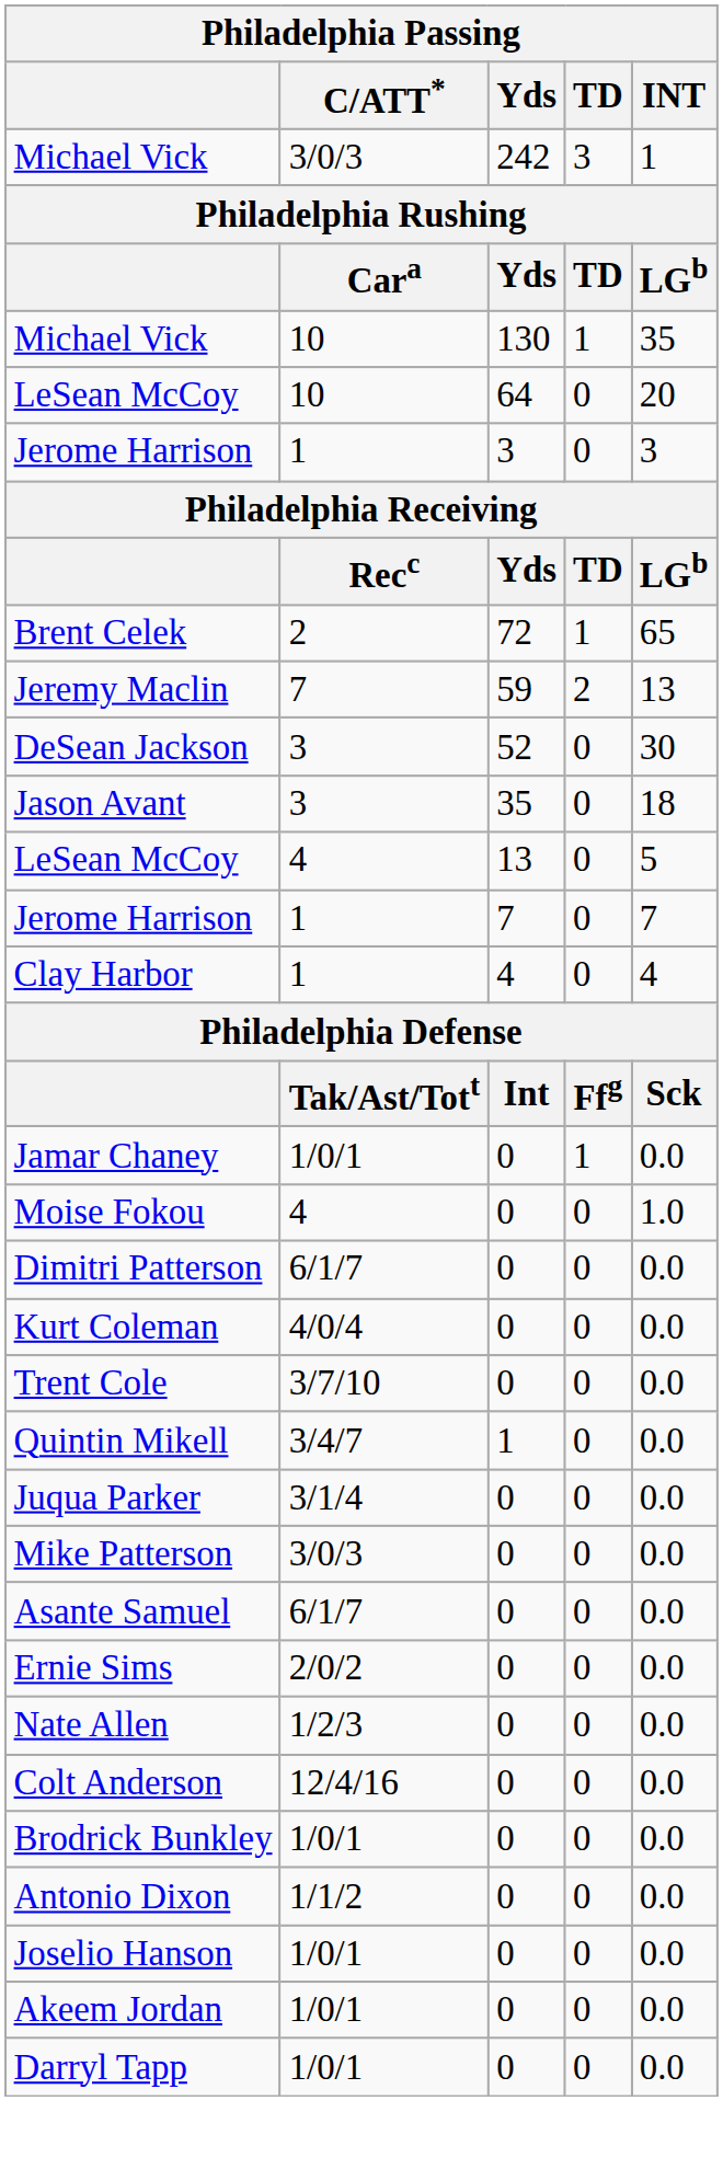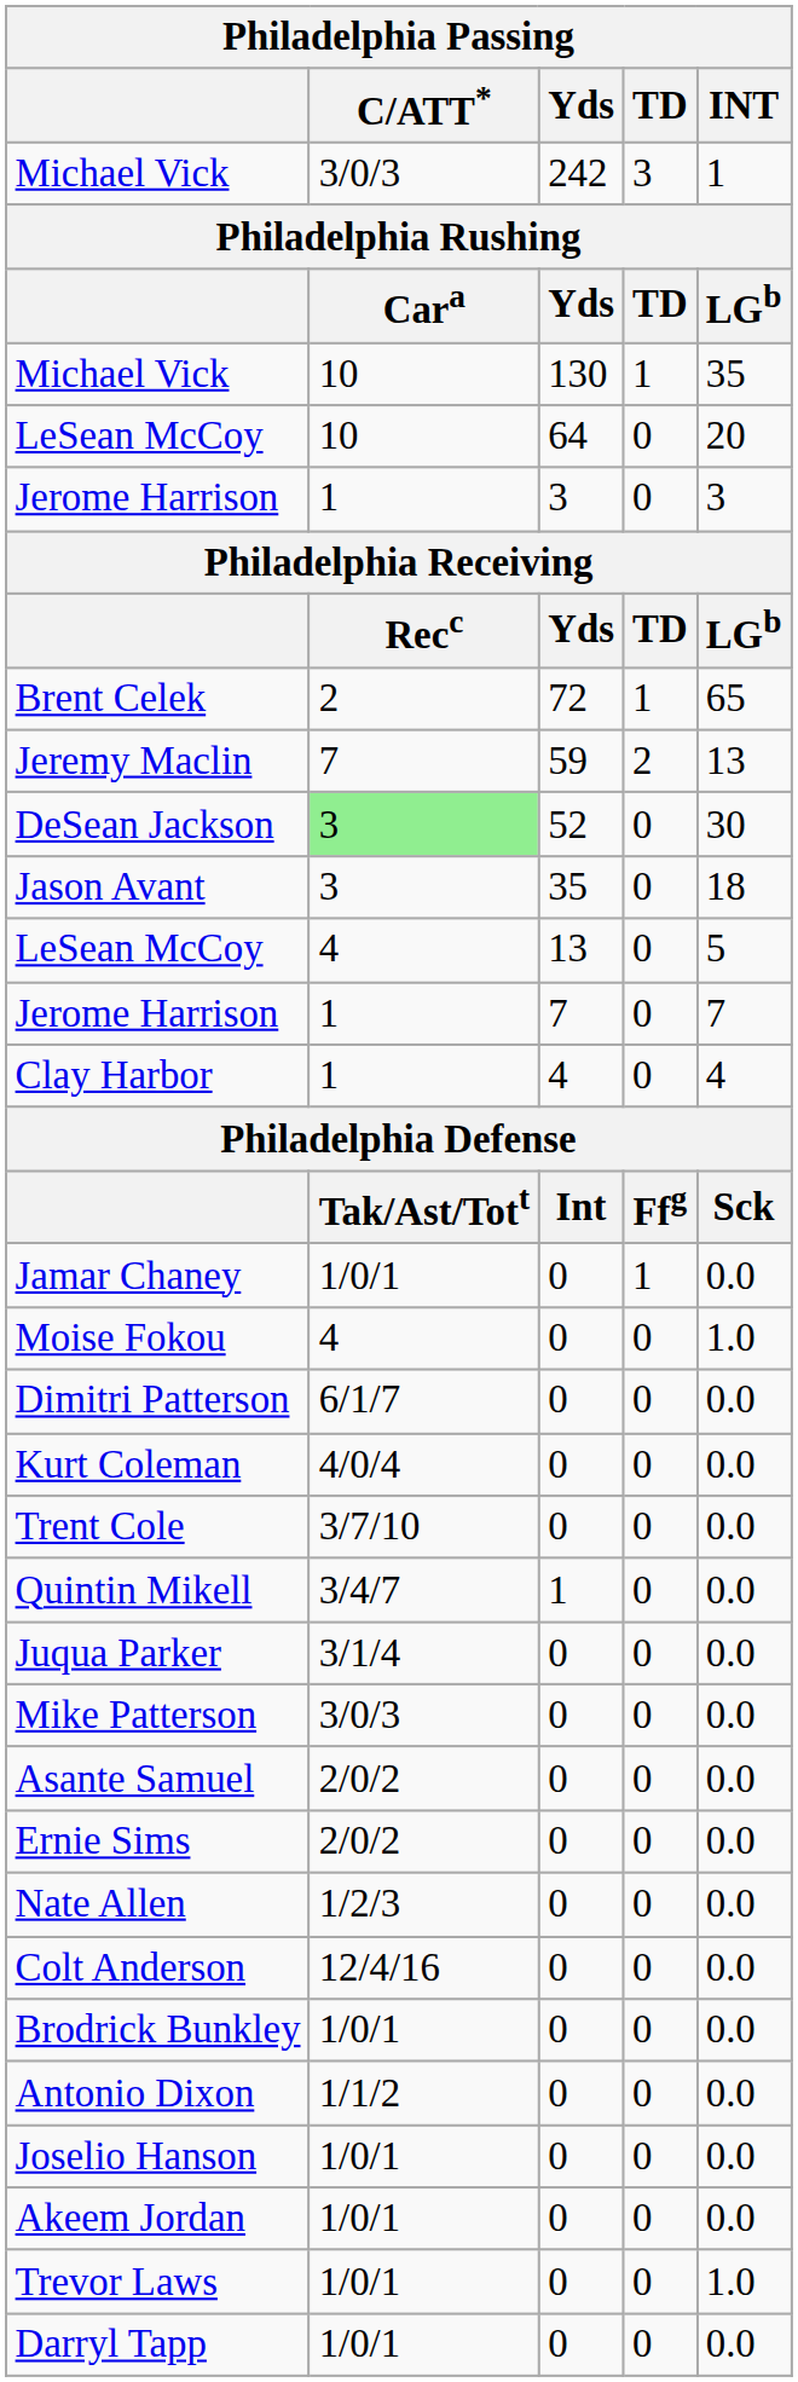 <table class="wikitable">
 <tr>
 <th colspan="5">Philadelphia Passing</th>
 </tr>
 <tr>
 <th></th>
 <th>C/ATT<sup>*</sup></th>
 <th>Yds</th>
 <th>TD</th>
 <th>INT</th>
 </tr>
 <tr>
 <td><a href='#'>Michael Vick</a></td>
 <td>3/0/3</td>
 <td>242</td>
 <td>3</td>
 <td>1</td>
 </tr>
 <tr>
 <th colspan="5">Philadelphia Rushing</th>
 </tr>
 <tr>
 <th></th>
 <th>Car<sup>a</sup></th>
 <th>Yds</th>
 <th>TD</th>
 <th>LG<sup>b</sup></th>
 </tr>
 <tr>
 <td><a href='#'>Michael Vick</a></td>
 <td>10</td>
 <td>130</td>
 <td>1</td>
 <td>35</td>
 </tr>
 <tr>
 <td><a href='#'>LeSean McCoy</a></td>
 <td>10</td>
 <td>64</td>
 <td>0</td>
 <td>20</td>
 </tr>
 <tr>
 <td><a href='#'>Jerome Harrison</a></td>
 <td>1</td>
 <td>3</td>
 <td>0</td>
 <td>3</td>
 </tr>
 <tr>
 <th colspan="5">Philadelphia Receiving</th>
 </tr>
 <tr>
 <th></th>
 <th>Rec<sup>c</sup></th>
 <th>Yds</th>
 <th>TD</th>
 <th>LG<sup>b</sup></th>
 </tr>
 <tr>
 <td><a href='#'>Brent Celek</a></td>
 <td>2</td>
 <td>72</td>
 <td>1</td>
 <td>65</td>
 </tr>
 <tr>
 <td><a href='#'>Jeremy Maclin</a></td>
 <td>7</td>
 <td>59</td>
 <td>2</td>
 <td>13</td>
 </tr>
 <tr>
 <td><a href='#'>DeSean Jackson</a></td>
-<td>3</td>
+<td style="background: lightgreen;">3</td>
 <td>52</td>
 <td>0</td>
 <td>30</td>
 </tr>
 <tr>
 <td><a href='#'>Jason Avant</a></td>
 <td>3</td>
 <td>35</td>
 <td>0</td>
 <td>18</td>
 </tr>
 <tr>
 <td><a href='#'>LeSean McCoy</a></td>
 <td>4</td>
 <td>13</td>
 <td>0</td>
 <td>5</td>
 </tr>
 <tr>
 <td><a href='#'>Jerome Harrison</a></td>
 <td>1</td>
 <td>7</td>
 <td>0</td>
 <td>7</td>
 </tr>
 <tr>
 <td><a href='#'>Clay Harbor</a></td>
 <td>1</td>
 <td>4</td>
 <td>0</td>
 <td>4</td>
 </tr>
 <tr>
 <th colspan="5">Philadelphia Defense</th>
 </tr>
 <tr>
 <th></th>
 <th>Tak/Ast/Tot<sup>t</sup></th>
 <th>Int</th>
 <th>Ff<sup>g</sup></th>
 <th>Sck</th>
 </tr>
 <tr>
 <td><a href='#'>Jamar Chaney</a></td>
 <td>1/0/1</td>
 <td>0</td>
 <td>1</td>
 <td>0.0</td>
 </tr>
 <tr>
 <td><a href='#'>Moise Fokou</a></td>
 <td>4</td>
 <td>0</td>
 <td>0</td>
 <td>1.0</td>
 </tr>
 <tr>
 <td><a href='#'>Dimitri Patterson</a></td>
 <td>6/1/7</td>
 <td>0</td>
 <td>0</td>
 <td>0.0</td>
 </tr>
 <tr>
 <td><a href='#'>Kurt Coleman</a></td>
 <td>4/0/4</td>
 <td>0</td>
 <td>0</td>
 <td>0.0</td>
 </tr>
 <tr>
 <td><a href='#'>Trent Cole</a></td>
 <td>3/7/10</td>
 <td>0</td>
 <td>0</td>
 <td>0.0</td>
 </tr>
 <tr>
 <td><a href='#'>Quintin Mikell</a></td>
 <td>3/4/7</td>
 <td>1</td>
 <td>0</td>
 <td>0.0</td>
 </tr>
 <tr>
 <td><a href='#'>Juqua Parker</a></td>
 <td>3/1/4</td>
 <td>0</td>
 <td>0</td>
 <td>0.0</td>
 </tr>
 <tr>
 <td><a href='#'>Mike Patterson</a></td>
 <td>3/0/3</td>
 <td>0</td>
 <td>0</td>
 <td>0.0</td>
 </tr>
 <tr>
 <td><a href='#'>Asante Samuel</a></td>
-<td>6/1/7</td>
+<td>2/0/2</td>
 <td>0</td>
 <td>0</td>
 <td>0.0</td>
 </tr>
 <tr>
 <td><a href='#'>Ernie Sims</a></td>
 <td>2/0/2</td>
 <td>0</td>
 <td>0</td>
 <td>0.0</td>
 </tr>
 <tr>
 <td><a href='#'>Nate Allen</a></td>
 <td>1/2/3</td>
 <td>0</td>
 <td>0</td>
 <td>0.0</td>
 </tr>
 <tr>
 <td><a href='#'>Colt Anderson</a></td>
 <td>12/4/16</td>
 <td>0</td>
 <td>0</td>
 <td>0.0</td>
 </tr>
 <tr>
 <td><a href='#'>Brodrick Bunkley</a></td>
 <td>1/0/1</td>
 <td>0</td>
 <td>0</td>
 <td>0.0</td>
 </tr>
 <tr>
 <td><a href='#'>Antonio Dixon</a></td>
 <td>1/1/2</td>
 <td>0</td>
 <td>0</td>
 <td>0.0</td>
 </tr>
 <tr>
 <td><a href='#'>Joselio Hanson</a></td>
 <td>1/0/1</td>
 <td>0</td>
 <td>0</td>
 <td>0.0</td>
 </tr>
 <tr>
 <td><a href='#'>Akeem Jordan</a></td>
 <td>1/0/1</td>
 <td>0</td>
 <td>0</td>
 <td>0.0</td>
 </tr>
 <tr>
+<td><a href='#'>Trevor Laws</a></td>
+<td>1/0/1</td>
+<td>0</td>
+<td>0</td>
+<td>1.0</td>
+</tr>
+<tr>
 <td><a href='#'>Darryl Tapp</a></td>
 <td>1/0/1</td>
 <td>0</td>
 <td>0</td>
 <td>0.0</td>
 </tr>
 </table>
